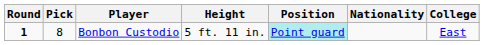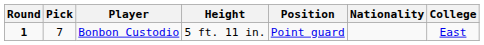 <table class="wikitable sortable sortable">
 <tr>
 <th>Round</th>
 <th>Pick</th>
 <th>Player</th>
 <th>Height</th>
 <th>Position</th>
 <th>Nationality</th>
 <th>College</th>
 </tr>
 <tr style="text-align: center">
 <td><strong>1</strong></td>
-<td>8</td>
+<td>7</td>
 <td><a href='#'>Bonbon Custodio</a></td>
 <td>5 ft. 11 in.</td>
-<td style="background: paleturquoise;"><a href='#'>Point guard</a></td>
+<td><a href='#'>Point guard</a></td>
 <td></td>
 <td><a href='#'>East</a></td>
 </tr>
 </table>
